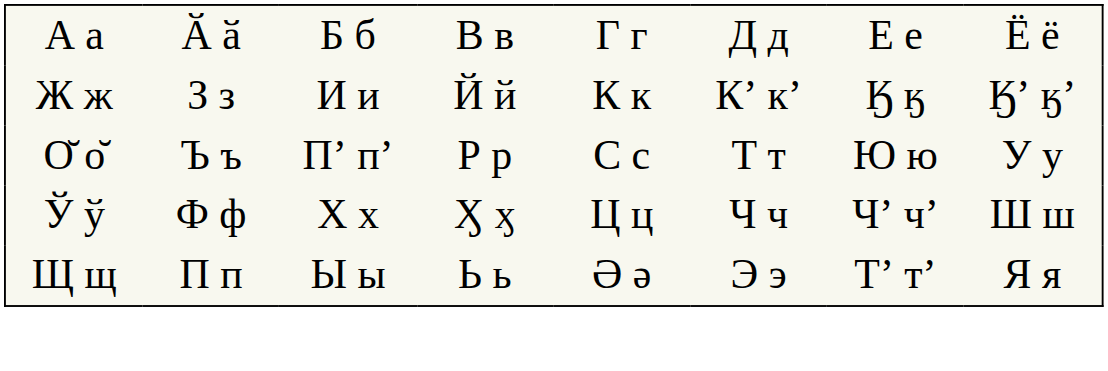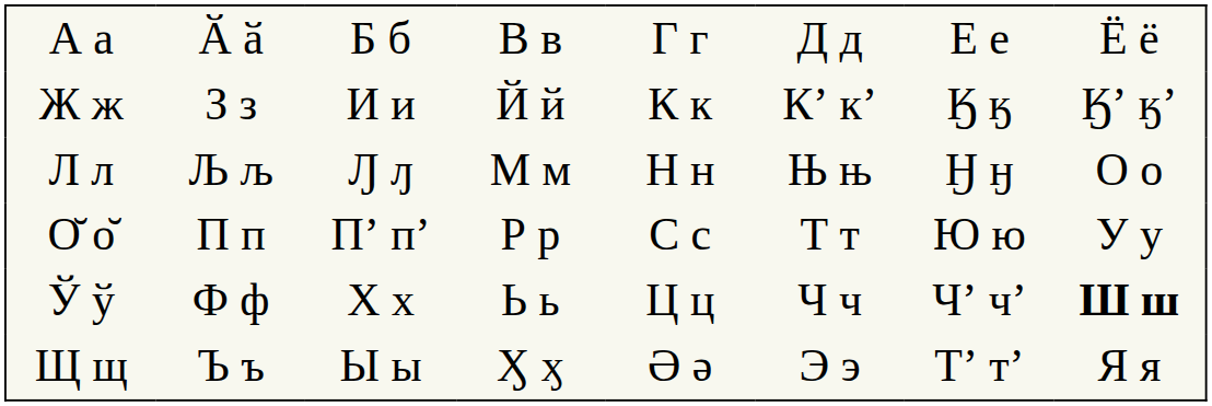 <table style="font-family:Arial Unicode MS; font-size:1.4em; border-color:#000000; border-width:1px; border-style:solid; border-collapse:collapse; background-color:#F8F8EF">
 <tr>
 <td style="width:3em; text-align:center; padding: 3px;">А а</td>
 <td style="width:3em; text-align:center; padding: 3px;">Ӑ ӑ</td>
 <td style="width:3em; text-align:center; padding: 3px;">Б б</td>
 <td style="width:3em; text-align:center; padding: 3px;">В в</td>
 <td style="width:3em; text-align:center; padding: 3px;">Г г</td>
 <td style="width:3em; text-align:center; padding: 3px;">Д д</td>
 <td style="width:3em; text-align:center; padding: 3px;">Е е</td>
 <td style="width:3em; text-align:center; padding: 3px;">Ё ё</td>
 </tr>
 <tr>
 <td style="width:3em; text-align:center; padding: 3px;">Ж ж</td>
 <td style="width:3em; text-align:center; padding: 3px;">З з</td>
 <td style="width:3em; text-align:center; padding: 3px;">И и</td>
 <td style="width:3em; text-align:center; padding: 3px;">Й й</td>
 <td style="width:3em; text-align:center; padding: 3px;">К к</td>
 <td style="width:3em; text-align:center; padding: 3px;">Кʼ кʼ</td>
 <td style="width:3em; text-align:center; padding: 3px;">Ӄ ӄ</td>
 <td style="width:3em; text-align:center; padding: 3px;">Ӄʼ ӄʼ</td>
 </tr>
 <tr>
+<td style="width:3em; text-align:center; padding: 3px;">Л л</td>
+<td style="width:3em; text-align:center; padding: 3px;">Љ љ</td>
+<td style="width:3em; text-align:center; padding: 3px;">Ԓ ԓ</td>
+<td style="width:3em; text-align:center; padding: 3px;">М м</td>
+<td style="width:3em; text-align:center; padding: 3px;">Н н</td>
+<td style="width:3em; text-align:center; padding: 3px;">Њ њ</td>
+<td style="width:3em; text-align:center; padding: 3px;">Ӈ ӈ</td>
+<td style="width:3em; text-align:center; padding: 3px;">О о</td>
+</tr>
+<tr>
 <td style="width:3em; text-align:center; padding: 3px;">О̆ о̆</td>
-<td style="width:3em; text-align:center; padding: 3px;">Ъ ъ</td>
+<td style="width:3em; text-align:center; padding: 3px;">П п</td>
 <td style="width:3em; text-align:center; padding: 3px;">Пʼ пʼ</td>
 <td style="width:3em; text-align:center; padding: 3px;">Р р</td>
 <td style="width:3em; text-align:center; padding: 3px;">С с</td>
 <td style="width:3em; text-align:center; padding: 3px;">Т т</td>
 <td style="width:3em; text-align:center; padding: 3px;">Ю ю</td>
 <td style="width:3em; text-align:center; padding: 3px;">У у</td>
 </tr>
 <tr>
 <td style="width:3em; text-align:center; padding: 3px;">Ў ў</td>
 <td style="width:3em; text-align:center; padding: 3px;">Ф ф</td>
 <td style="width:3em; text-align:center; padding: 3px;">Х х</td>
-<td style="width:3em; text-align:center; padding: 3px;">Ӽ ӽ</td>
+<td style="width:3em; text-align:center; padding: 3px;">Ь ь</td>
 <td style="width:3em; text-align:center; padding: 3px;">Ц ц</td>
 <td style="width:3em; text-align:center; padding: 3px;">Ч ч</td>
 <td style="width:3em; text-align:center; padding: 3px;">Чʼ чʼ</td>
-<td style="width:3em; text-align:center; padding: 3px;">Ш ш</td>
+<td style="width:3em; text-align:center; padding: 3px;"><strong>Ш ш</strong></td>
 </tr>
 <tr>
 <td style="width:3em; text-align:center; padding: 3px;">Щ щ</td>
-<td style="width:3em; text-align:center; padding: 3px;">П п</td>
+<td style="width:3em; text-align:center; padding: 3px;">Ъ ъ</td>
 <td style="width:3em; text-align:center; padding: 3px;">Ы ы</td>
-<td style="width:3em; text-align:center; padding: 3px;">Ь ь</td>
+<td style="width:3em; text-align:center; padding: 3px;">Ӽ ӽ</td>
 <td style="width:3em; text-align:center; padding: 3px;">Ә ә</td>
 <td style="width:3em; text-align:center; padding: 3px;">Э э</td>
 <td style="width:3em; text-align:center; padding: 3px;">Тʼ тʼ</td>
 <td style="width:3em; text-align:center; padding: 3px;">Я я</td>
 </tr>
 </table>
